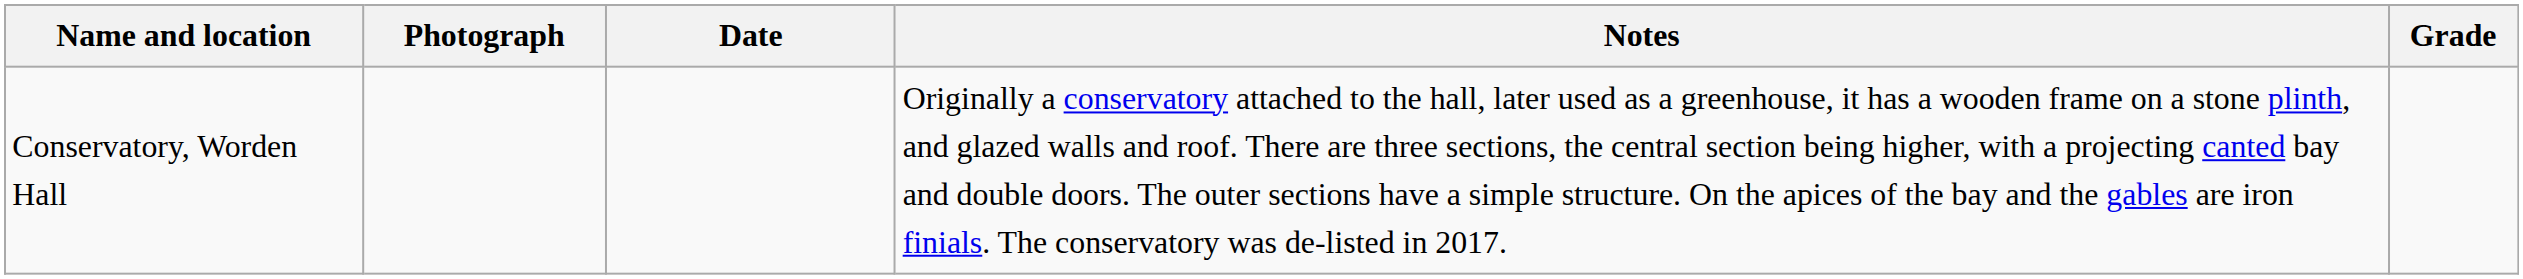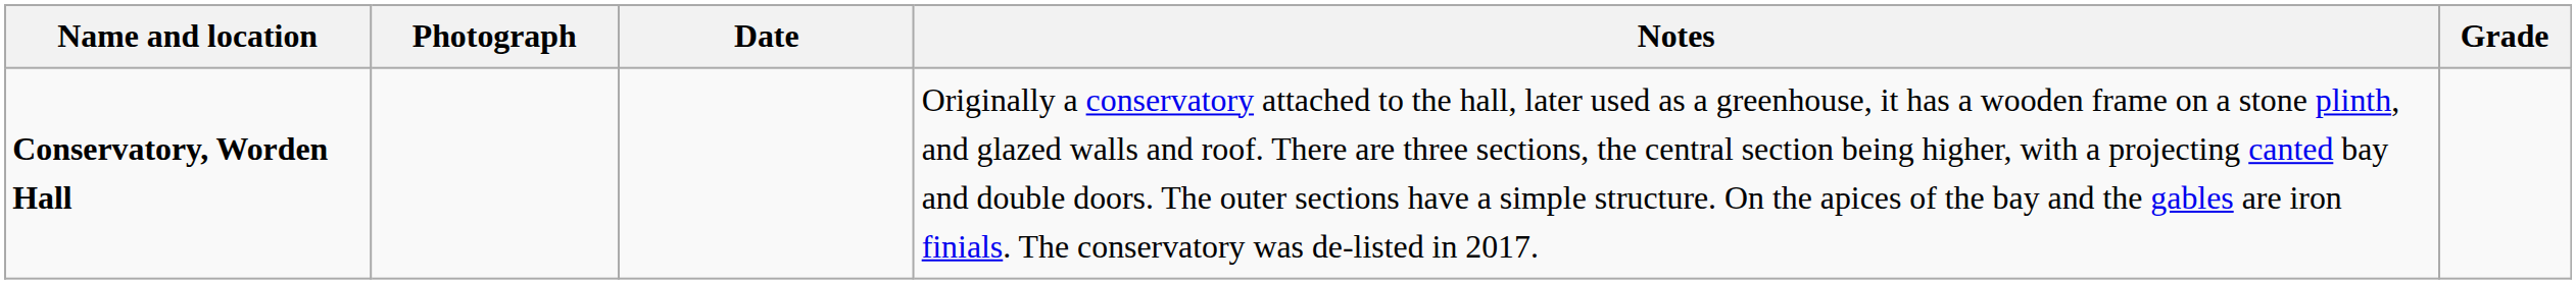 <table class="wikitable sortable plainrowheaders" style="width:100%;border:0px;text-align:left;line-height:150%;">
 <tr>
 <th scope="col"  style="width:150px">Name and location</th>
 <th scope="col"  style="width:100px" class="unsortable">Photograph</th>
 <th scope="col"  style="width:120px">Date</th>
 <th scope="col"  style="width:650px" class="unsortable">Notes</th>
 <th scope="col"  style="width:50px">Grade</th>
 </tr>
 <tr>
-<td>Conservatory, Worden Hall<br><small></small></td>
+<td><strong>Conservatory, Worden Hall<br><small></small></strong></td>
 <td></td>
 <td align="center"></td>
 <td>Originally a <a href='#'>conservatory</a> attached to the hall, later used as a greenhouse, it has a wooden frame on a stone <a href='#'>plinth</a>, and glazed walls and roof.  There are three sections, the central section being higher, with a projecting <a href='#'>canted</a> bay and double doors.  The outer sections have a simple structure.  On the apices of the bay and the <a href='#'>gables</a> are iron <a href='#'>finials</a>. The conservatory was de-listed in 2017.</td>
 <td align="center" ></td>
 </tr>
 <tr>
 </tr>
 </table>
